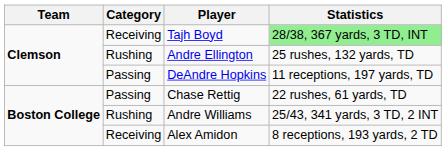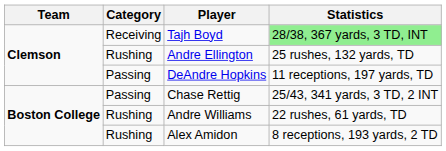 <table class="wikitable" style="float: left;">
 <tr>
 <th>Team</th>
 <th>Category</th>
 <th>Player</th>
 <th>Statistics</th>
 </tr>
 <tr>
 <td rowspan=3><strong>Clemson</strong></td>
 <td>Receiving</td>
 <td><a href='#'>Tajh Boyd</a></td>
 <td style="background: lightgreen;">28/38, 367 yards, 3 TD, INT</td>
 </tr>
 <tr>
 <td>Rushing</td>
 <td><a href='#'>Andre Ellington</a></td>
 <td>25 rushes, 132 yards, TD</td>
 </tr>
 <tr>
 <td>Passing</td>
 <td><a href='#'>DeAndre Hopkins</a></td>
 <td>11 receptions, 197 yards, TD</td>
 </tr>
 <tr>
 <td rowspan=3><strong>Boston College</strong></td>
 <td>Passing</td>
 <td>Chase Rettig</td>
+<td>25/43, 341 yards, 3 TD, 2 INT</td>
+</tr>
+<tr>
+<td>Rushing</td>
+<td>Andre Williams</td>
 <td>22 rushes, 61 yards, TD</td>
 </tr>
 <tr>
 <td>Rushing</td>
-<td>Andre Williams</td>
-<td>25/43, 341 yards, 3 TD, 2 INT</td>
-</tr>
-<tr>
-<td>Receiving</td>
 <td>Alex Amidon</td>
 <td>8 receptions, 193 yards, 2 TD</td>
 </tr>
 </table>
